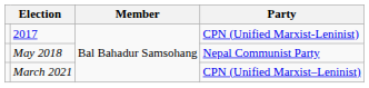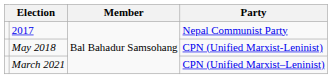 <table class="wikitable">
 <tr>
 <th colspan="2">Election</th>
 <th>Member</th>
 <th>Party</th>
 </tr>
 <tr>
 <td style="background-color:"></td>
 <td><a href='#'>2017</a></td>
 <td rowspan="3">Bal Bahadur Samsohang</td>
-<td><a href='#'>CPN (Unified Marxist-Leninist)</a></td>
+<td><a href='#'>Nepal Communist Party</a></td>
 </tr>
 <tr>
 <td style="background-color:"></td>
 <td><em>May 2018</em></td>
-<td><a href='#'>Nepal Communist Party</a></td>
+<td><a href='#'>CPN (Unified Marxist-Leninist)</a></td>
 </tr>
 <tr>
 <td style="background-color:"></td>
 <td><em>March 2021</em></td>
 <td><a href='#'>CPN (Unified Marxist–Leninist)</a></td>
 </tr>
 </table>
